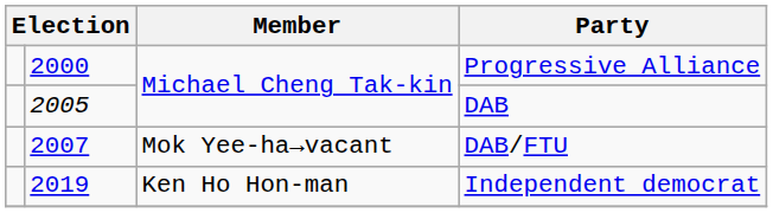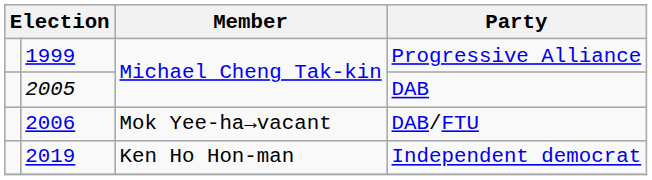 <table class="wikitable">
 <tr>
 <th colspan="2">Election</th>
 <th>Member</th>
 <th>Party</th>
 </tr>
 <tr>
 <td style="background-color: "></td>
-<td><a href='#'>2000</a></td>
+<td><a href='#'>1999</a></td>
 <td rowspan=2><a href='#'>Michael Cheng Tak-kin</a></td>
 <td><a href='#'>Progressive Alliance</a></td>
 </tr>
 <tr>
 <td style="background-color: "></td>
 <td><em>2005</em></td>
 <td><a href='#'>DAB</a></td>
 </tr>
 <tr>
 <td style="background-color: "></td>
-<td><a href='#'>2007</a></td>
+<td><a href='#'>2006</a></td>
 <td>Mok Yee-ha→vacant</td>
 <td><a href='#'>DAB</a>/<a href='#'>FTU</a></td>
 </tr>
 <tr>
 <td style="background-color: "></td>
 <td><a href='#'>2019</a></td>
 <td>Ken Ho Hon-man</td>
 <td><a href='#'>Independent democrat</a></td>
 </tr>
 <tr>
 </tr>
 </table>
